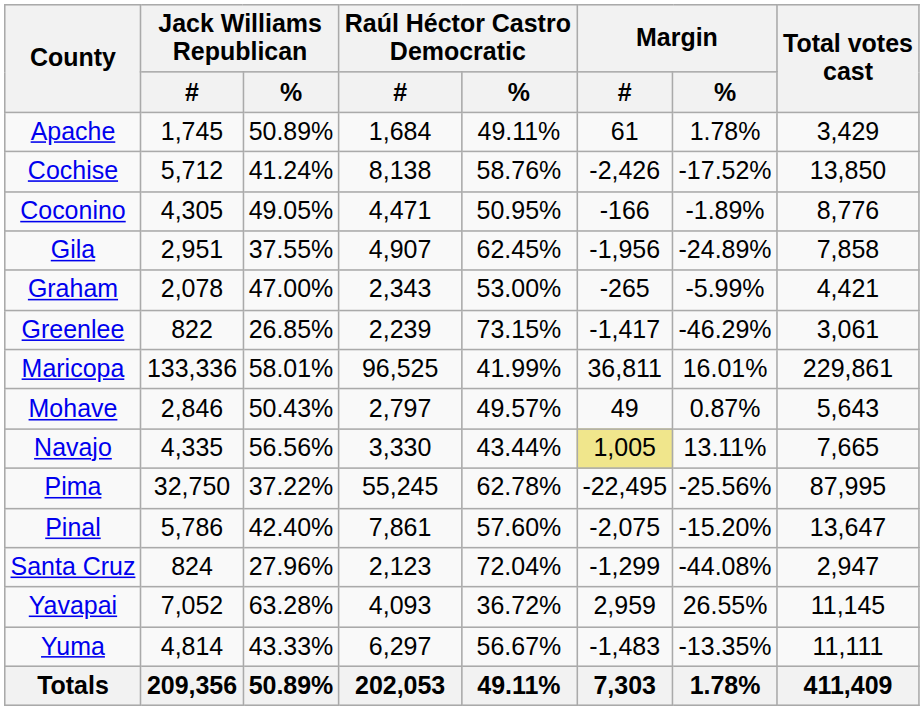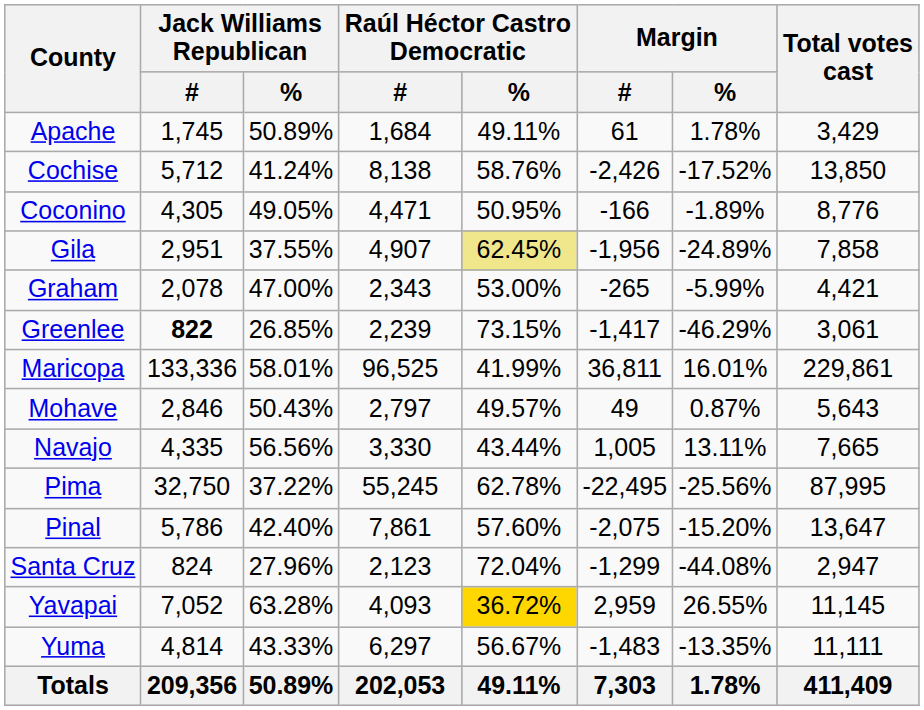 <table class="wikitable sortable">
 <tr>
 <th rowspan="2">County</th>
 <th style="text-align:center;" colspan="2">Jack Williams<br>Republican</th>
 <th style="text-align:center;" colspan="2">Raúl Héctor Castro<br>Democratic</th>
 <th style="text-align:center;" colspan="2">Margin</th>
 <th style="text-align:center;" rowspan="2">Total votes<br>cast</th>
 </tr>
 <tr>
 <th style="text-align:center;" data-sort-type="number">#</th>
 <th style="text-align:center;" data-sort-type="number">%</th>
 <th style="text-align:center;" data-sort-type="number">#</th>
 <th style="text-align:center;" data-sort-type="number">%</th>
 <th style="text-align:center;" data-sort-type="number">#</th>
 <th style="text-align:center;" data-sort-type="number">%</th>
 </tr>
 <tr style="text-align:center;">
 <td><a href='#'>Apache</a></td>
 <td>1,745</td>
 <td>50.89%</td>
 <td>1,684</td>
 <td>49.11%</td>
 <td>61</td>
 <td>1.78%</td>
 <td>3,429</td>
 </tr>
 <tr style="text-align:center;">
 <td><a href='#'>Cochise</a></td>
 <td>5,712</td>
 <td>41.24%</td>
 <td>8,138</td>
 <td>58.76%</td>
 <td>-2,426</td>
 <td>-17.52%</td>
 <td>13,850</td>
 </tr>
 <tr style="text-align:center;">
 <td><a href='#'>Coconino</a></td>
 <td>4,305</td>
 <td>49.05%</td>
 <td>4,471</td>
 <td>50.95%</td>
 <td>-166</td>
 <td>-1.89%</td>
 <td>8,776</td>
 </tr>
 <tr style="text-align:center;">
 <td><a href='#'>Gila</a></td>
 <td>2,951</td>
 <td>37.55%</td>
 <td>4,907</td>
-<td>62.45%</td>
+<td style="background: khaki;">62.45%</td>
 <td>-1,956</td>
 <td>-24.89%</td>
 <td>7,858</td>
 </tr>
 <tr style="text-align:center;">
 <td><a href='#'>Graham</a></td>
 <td>2,078</td>
 <td>47.00%</td>
 <td>2,343</td>
 <td>53.00%</td>
 <td>-265</td>
 <td>-5.99%</td>
 <td>4,421</td>
 </tr>
 <tr style="text-align:center;">
 <td><a href='#'>Greenlee</a></td>
-<td>822</td>
+<td><strong>822</strong></td>
 <td>26.85%</td>
 <td>2,239</td>
 <td>73.15%</td>
 <td>-1,417</td>
 <td>-46.29%</td>
 <td>3,061</td>
 </tr>
 <tr style="text-align:center;">
 <td><a href='#'>Maricopa</a></td>
 <td>133,336</td>
 <td>58.01%</td>
 <td>96,525</td>
 <td>41.99%</td>
 <td>36,811</td>
 <td>16.01%</td>
 <td>229,861</td>
 </tr>
 <tr style="text-align:center;">
 <td><a href='#'>Mohave</a></td>
 <td>2,846</td>
 <td>50.43%</td>
 <td>2,797</td>
 <td>49.57%</td>
 <td>49</td>
 <td>0.87%</td>
 <td>5,643</td>
 </tr>
 <tr style="text-align:center;">
 <td><a href='#'>Navajo</a></td>
 <td>4,335</td>
 <td>56.56%</td>
 <td>3,330</td>
 <td>43.44%</td>
-<td style="background: khaki;">1,005</td>
+<td>1,005</td>
 <td>13.11%</td>
 <td>7,665</td>
 </tr>
 <tr style="text-align:center;">
 <td><a href='#'>Pima</a></td>
 <td>32,750</td>
 <td>37.22%</td>
 <td>55,245</td>
 <td>62.78%</td>
 <td>-22,495</td>
 <td>-25.56%</td>
 <td>87,995</td>
 </tr>
 <tr style="text-align:center;">
 <td><a href='#'>Pinal</a></td>
 <td>5,786</td>
 <td>42.40%</td>
 <td>7,861</td>
 <td>57.60%</td>
 <td>-2,075</td>
 <td>-15.20%</td>
 <td>13,647</td>
 </tr>
 <tr style="text-align:center;">
 <td><a href='#'>Santa Cruz</a></td>
 <td>824</td>
 <td>27.96%</td>
 <td>2,123</td>
 <td>72.04%</td>
 <td>-1,299</td>
 <td>-44.08%</td>
 <td>2,947</td>
 </tr>
 <tr style="text-align:center;">
 <td><a href='#'>Yavapai</a></td>
 <td>7,052</td>
 <td>63.28%</td>
 <td>4,093</td>
-<td>36.72%</td>
+<td style="background: gold;">36.72%</td>
 <td>2,959</td>
 <td>26.55%</td>
 <td>11,145</td>
 </tr>
 <tr style="text-align:center;">
 <td><a href='#'>Yuma</a></td>
 <td>4,814</td>
 <td>43.33%</td>
 <td>6,297</td>
 <td>56.67%</td>
 <td>-1,483</td>
 <td>-13.35%</td>
 <td>11,111</td>
 </tr>
 <tr style="text-align:center;">
 <th>Totals</th>
 <th>209,356</th>
 <th>50.89%</th>
 <th>202,053</th>
 <th>49.11%</th>
 <th>7,303</th>
 <th>1.78%</th>
 <th>411,409</th>
 </tr>
 </table>
